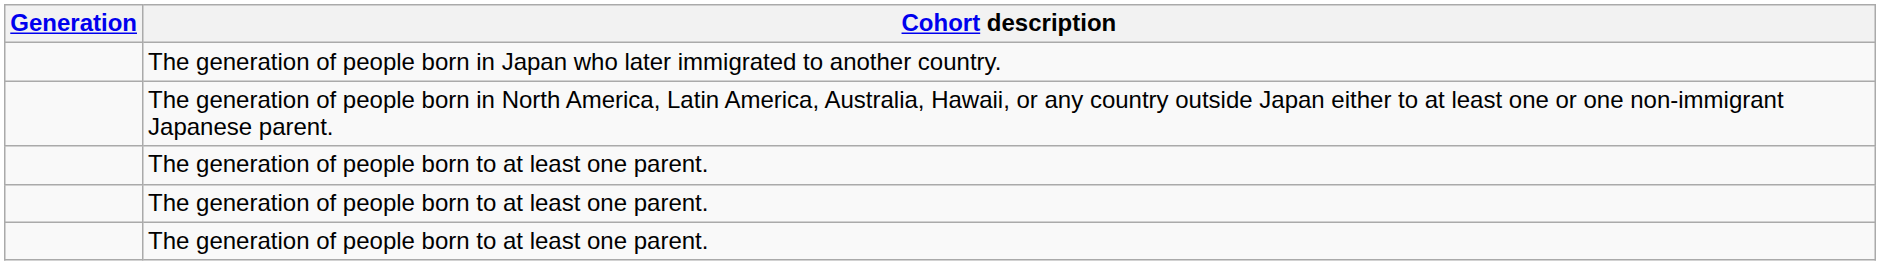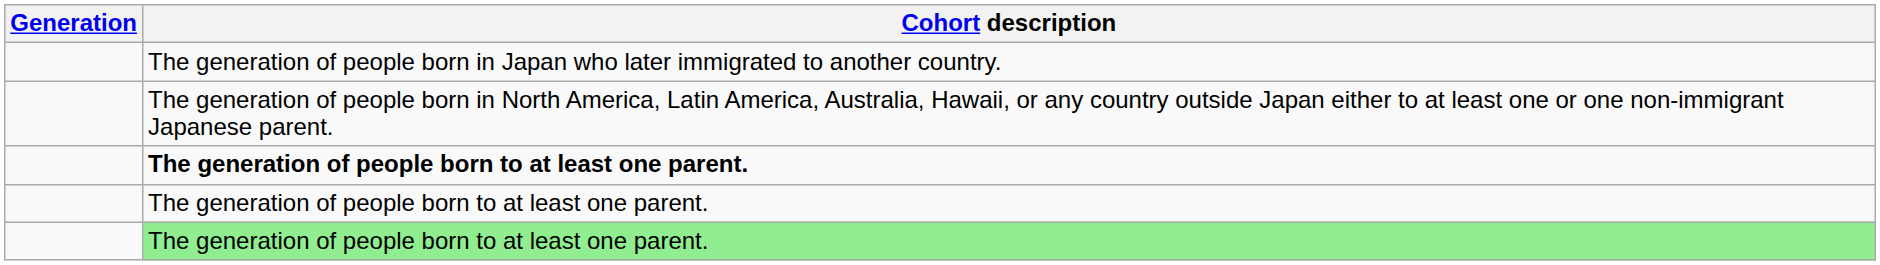 <table class="wikitable ">
 <tr>
 <th><a href='#'>Generation</a></th>
 <th><a href='#'>Cohort</a> description</th>
 </tr>
 <tr>
 <td></td>
 <td>The generation of people born in Japan who later immigrated to another country.</td>
 </tr>
 <tr>
 <td></td>
 <td>The generation of people born in North America, Latin America, Australia, Hawaii, or any country outside Japan either to at least one  or one non-immigrant Japanese parent.</td>
 </tr>
 <tr>
 <td></td>
-<td>The generation of people born to at least one  parent.</td>
+<td><strong>The generation of people born to at least one  parent.</strong></td>
 </tr>
 <tr>
 <td></td>
 <td>The generation of people born to at least one  parent.</td>
 </tr>
 <tr>
 <td></td>
-<td>The generation of people born to at least one  parent.</td>
+<td style="background: lightgreen;">The generation of people born to at least one  parent.</td>
 </tr>
 </table>
